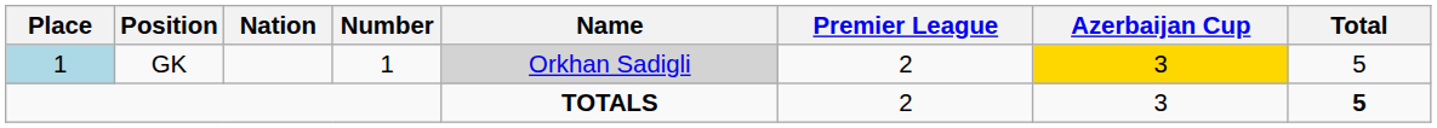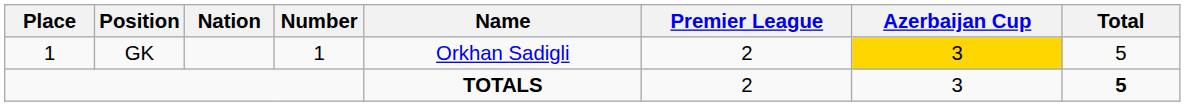 <table class="wikitable" style="font-size: 95%; text-align: center;">
 <tr>
 <th width=60>Place</th>
 <th width=60>Position</th>
 <th width=60>Nation</th>
 <th width=60>Number</th>
 <th width=200>Name</th>
 <th width=150><a href='#'>Premier League</a></th>
 <th width=150><a href='#'>Azerbaijan Cup</a></th>
 <th width=80>Total</th>
 </tr>
 <tr>
-<td style="background: lightblue;">1</td>
+<td>1</td>
 <td>GK</td>
 <td></td>
 <td>1</td>
-<td style="background: lightgrey;"><a href='#'>Orkhan Sadigli</a></td>
+<td><a href='#'>Orkhan Sadigli</a></td>
 <td>2</td>
 <td style="background: gold;">3</td>
 <td>5</td>
 </tr>
 <tr>
 <td colspan="4"></td>
 <td><strong>TOTALS</strong></td>
 <td>2</td>
 <td>3</td>
 <td><strong>5</strong></td>
 </tr>
 </table>
